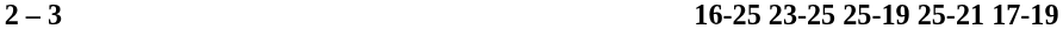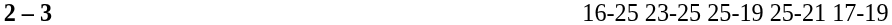 <table width=100% cellspacing=1>
 <tr>
 <th width=20%></th>
 <th width=12%></th>
 <th width=20%></th>
 <th width=33%></th>
 <td></td>
 </tr>
 <tr style=font-size:90%>
 <td align=right></td>
 <td align=center><strong>2 – 3</strong></td>
 <td><strong></strong></td>
-<td><strong>16-25 23-25 25-19 25-21 17-19</strong></td>
+<td>16-25 23-25 25-19 25-21 17-19</td>
 </tr>
 </table>
